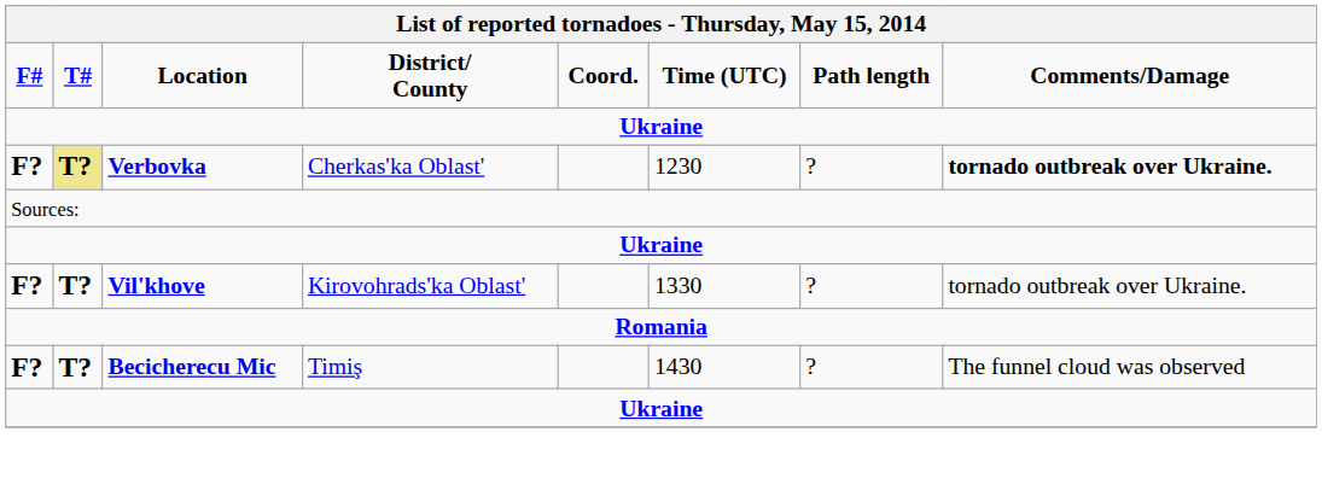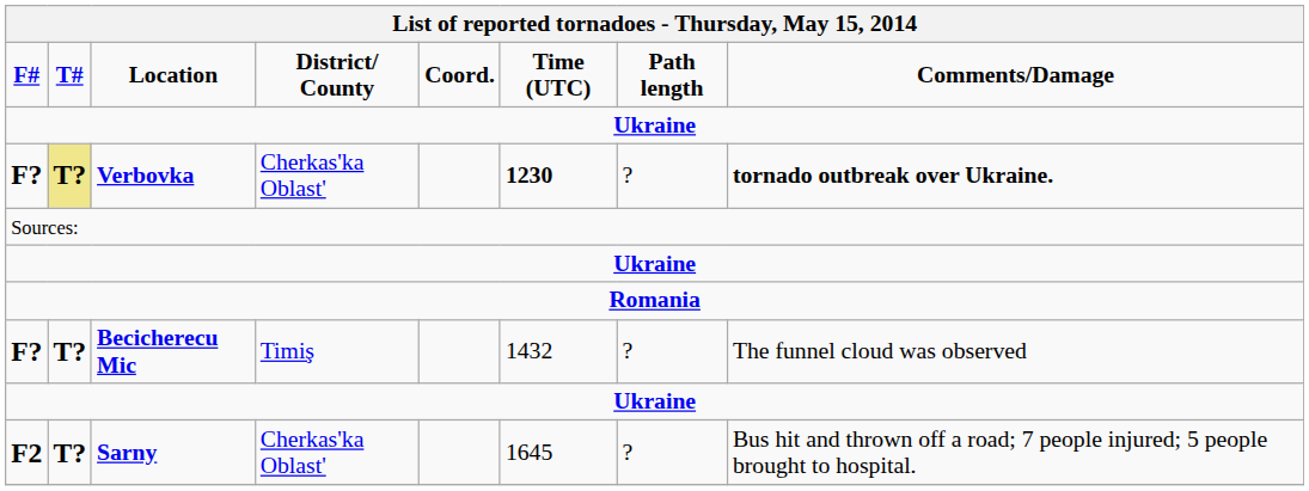 <table class="wikitable collapsible" width="100%">
 <tr>
 <th colspan="8">List of reported tornadoes - Thursday, May 15, 2014</th>
 </tr>
 <tr>
 <td style="text-align: center;"><strong><a href='#'>F#</a></strong></td>
 <td style="text-align: center;"><strong><a href='#'>T#</a></strong></td>
 <td style="text-align: center;"><strong>Location</strong></td>
 <td style="text-align: center;"><strong>District/<br>County</strong></td>
 <td style="text-align: center;"><strong>Coord.</strong></td>
 <td style="text-align: center;"><strong>Time (UTC)</strong></td>
 <td style="text-align: center;"><strong>Path length</strong></td>
 <td style="text-align: center;"><strong>Comments/Damage</strong></td>
 </tr>
 <tr>
 <td colspan="8" align=center><strong><a href='#'>Ukraine</a></strong></td>
 </tr>
 <tr>
 <td><big><strong>F?</strong></big></td>
 <td style="background: khaki;"><big><strong>T?</strong></big></td>
 <td><strong><a href='#'>Verbovka</a></strong></td>
 <td><a href='#'>Cherkas'ka Oblast'</a></td>
 <td></td>
-<td>1230</td>
+<td><strong>1230</strong></td>
 <td>?</td>
 <td><strong>tornado outbreak over Ukraine.</strong></td>
 </tr>
 <tr>
 <td colspan="8"><small>Sources:</small></td>
 </tr>
 <tr>
 <td colspan="8" align=center><strong><a href='#'>Ukraine</a></strong></td>
 </tr>
 <tr>
-<td><big><strong>F?</strong></big></td>
-<td><big><strong>T?</strong></big></td>
-<td><strong><a href='#'>Vil'khove</a></strong></td>
-<td><a href='#'>Kirovohrads'ka Oblast'</a></td>
-<td></td>
-<td>1330</td>
-<td>?</td>
-<td>tornado outbreak over Ukraine.</td>
-</tr>
-<tr>
 <td colspan="8" align=center><strong><a href='#'>Romania</a></strong></td>
 </tr>
 <tr>
 <td><big><strong>F?</strong></big></td>
 <td><big><strong>T?</strong></big></td>
 <td><strong><a href='#'>Becicherecu Mic</a></strong></td>
 <td><a href='#'>Timiş</a></td>
 <td></td>
-<td>1430</td>
+<td>1432</td>
 <td>?</td>
 <td>The funnel cloud was observed</td>
 </tr>
 <tr>
 <td colspan="8" align=center><strong><a href='#'>Ukraine</a></strong></td>
 </tr>
 <tr>
+<td><big><strong>F2</strong></big></td>
+<td><big><strong>T?</strong></big></td>
+<td><strong><a href='#'>Sarny</a></strong></td>
+<td><a href='#'>Cherkas'ka Oblast'</a></td>
+<td></td>
+<td>1645</td>
+<td>?</td>
+<td>Bus hit and thrown off a road; 7 people injured; 5 people brought to hospital.</td>
+</tr>
+<tr>
 </tr>
 </table>
